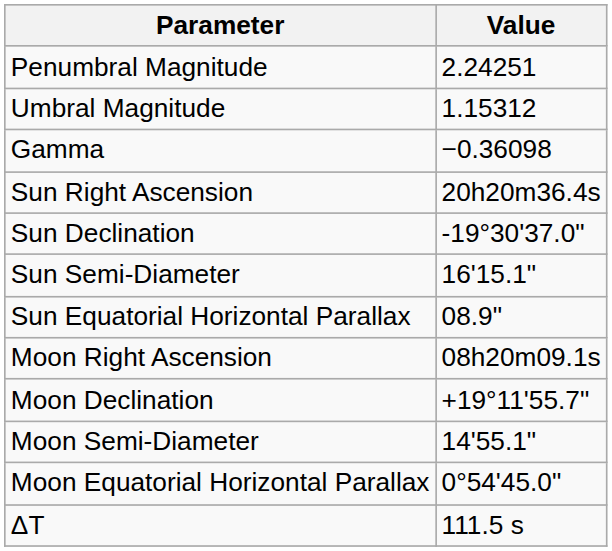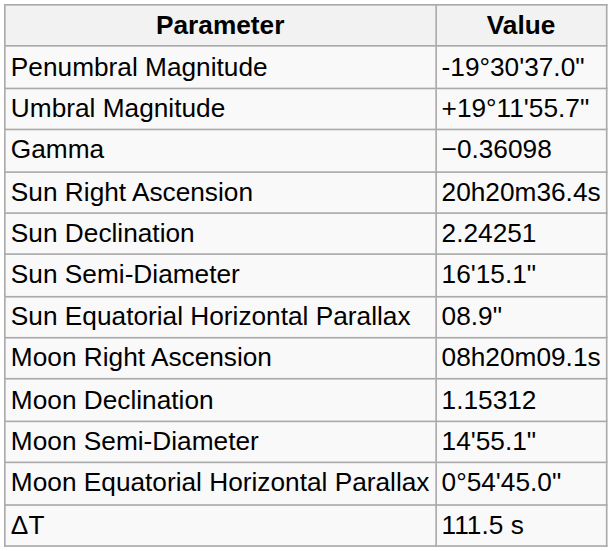 <table class="wikitable">
 <tr>
 <th>Parameter</th>
 <th>Value</th>
 </tr>
 <tr>
 <td>Penumbral Magnitude</td>
-<td>2.24251</td>
+<td>-19°30'37.0"</td>
 </tr>
 <tr>
 <td>Umbral Magnitude</td>
-<td>1.15312</td>
+<td>+19°11'55.7"</td>
 </tr>
 <tr>
 <td>Gamma</td>
 <td>−0.36098</td>
 </tr>
 <tr>
 <td>Sun Right Ascension</td>
 <td>20h20m36.4s</td>
 </tr>
 <tr>
 <td>Sun Declination</td>
-<td>-19°30'37.0"</td>
+<td>2.24251</td>
 </tr>
 <tr>
 <td>Sun Semi-Diameter</td>
 <td>16'15.1"</td>
 </tr>
 <tr>
 <td>Sun Equatorial Horizontal Parallax</td>
 <td>08.9"</td>
 </tr>
 <tr>
 <td>Moon Right Ascension</td>
 <td>08h20m09.1s</td>
 </tr>
 <tr>
 <td>Moon Declination</td>
-<td>+19°11'55.7"</td>
+<td>1.15312</td>
 </tr>
 <tr>
 <td>Moon Semi-Diameter</td>
 <td>14'55.1"</td>
 </tr>
 <tr>
 <td>Moon Equatorial Horizontal Parallax</td>
 <td>0°54'45.0"</td>
 </tr>
 <tr>
 <td>ΔT</td>
 <td>111.5 s</td>
 </tr>
 </table>
